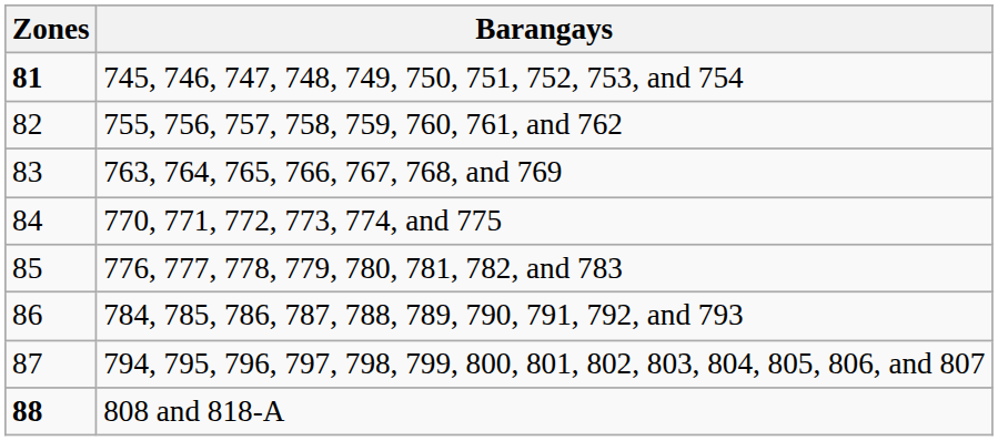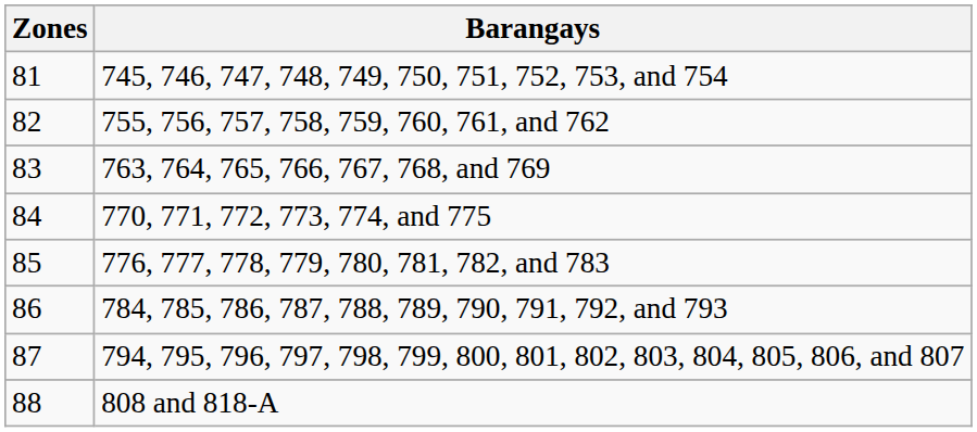 <table class="wikitable">
 <tr>
 <th>Zones</th>
 <th>Barangays</th>
 </tr>
 <tr>
-<td><strong>81</strong></td>
+<td>81</td>
 <td>745, 746, 747, 748, 749, 750, 751, 752, 753, and 754</td>
 </tr>
 <tr>
 <td>82</td>
 <td>755, 756, 757, 758, 759, 760, 761, and 762</td>
 </tr>
 <tr>
 <td>83</td>
 <td>763, 764, 765, 766, 767, 768, and 769</td>
 </tr>
 <tr>
 <td>84</td>
 <td>770, 771, 772, 773, 774, and 775</td>
 </tr>
 <tr>
 <td>85</td>
 <td>776, 777, 778, 779, 780, 781, 782, and 783</td>
 </tr>
 <tr>
 <td>86</td>
 <td>784, 785, 786, 787, 788, 789, 790, 791, 792, and 793</td>
 </tr>
 <tr>
 <td>87</td>
 <td>794, 795, 796, 797, 798, 799, 800, 801, 802, 803, 804, 805, 806, and 807</td>
 </tr>
 <tr>
-<td><strong>88</strong></td>
+<td>88</td>
 <td>808 and 818-A</td>
 </tr>
 </table>
